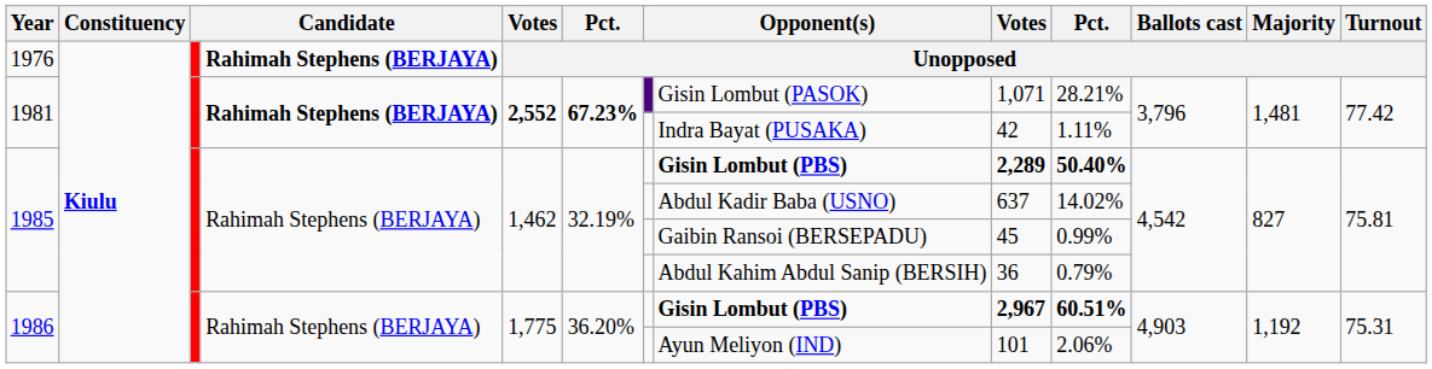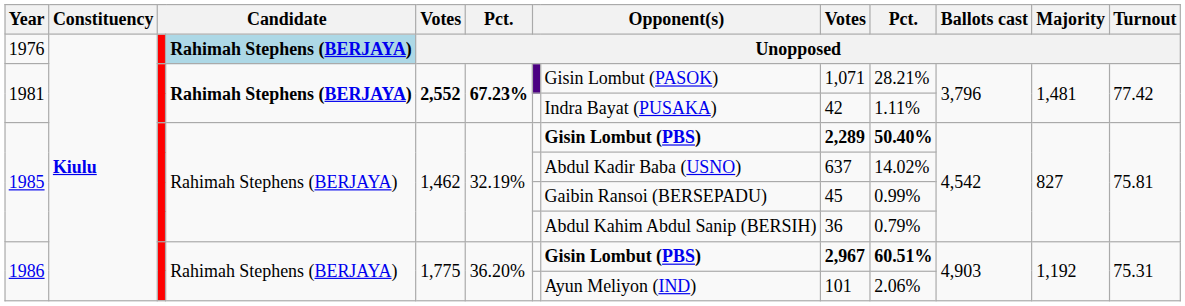 <table class="wikitable" style="margin:0.5em ; font-size:95%">
 <tr>
 <th>Year</th>
 <th>Constituency</th>
 <th colspan="2">Candidate</th>
 <th>Votes</th>
 <th>Pct.</th>
 <th colspan="2">Opponent(s)</th>
 <th>Votes</th>
 <th>Pct.</th>
 <th>Ballots cast</th>
 <th>Majority</th>
 <th>Turnout</th>
 </tr>
 <tr>
 <td>1976</td>
 <td rowspan="9"><a href='#'><strong>Kiulu</strong></a></td>
 <td bgcolor= red></td>
-<td><strong>Rahimah Stephens (<a href='#'>BERJAYA</a>)</strong></td>
+<td style="background: lightblue;"><strong>Rahimah Stephens (<a href='#'>BERJAYA</a>)</strong></td>
 <th colspan="9">Unopposed</th>
 </tr>
 <tr>
 <td rowspan="2">1981</td>
 <td rowspan="2" bgcolor= red></td>
 <td rowspan="2"><strong>Rahimah Stephens (<a href='#'>BERJAYA</a>)</strong></td>
 <td rowspan="2"><strong>2,552</strong></td>
 <td rowspan="2"><strong>67.23%</strong></td>
 <td bgcolor= indigo></td>
 <td>Gisin Lombut (<a href='#'>PASOK</a>)</td>
 <td>1,071</td>
 <td>28.21%</td>
 <td rowspan="2">3,796</td>
 <td rowspan="2">1,481</td>
 <td rowspan="2">77.42</td>
 </tr>
 <tr>
 <td></td>
 <td>Indra Bayat (<a href='#'>PUSAKA</a>)</td>
 <td>42</td>
 <td>1.11%</td>
 </tr>
 <tr>
 <td rowspan="4"><a href='#'>1985</a></td>
 <td rowspan="4" bgcolor= red></td>
 <td rowspan="4">Rahimah Stephens (<a href='#'>BERJAYA</a>)</td>
 <td rowspan="4">1,462</td>
 <td rowspan="4">32.19%</td>
 <td bgcolor= ></td>
 <td><strong>Gisin Lombut (<a href='#'>PBS</a>)</strong></td>
 <td><strong>2,289</strong></td>
 <td><strong>50.40%</strong></td>
 <td rowspan="4">4,542</td>
 <td rowspan="4">827</td>
 <td rowspan="4">75.81</td>
 </tr>
 <tr>
 <td bgcolor = ></td>
 <td>Abdul Kadir Baba (<a href='#'>USNO</a>)</td>
 <td>637</td>
 <td>14.02%</td>
 </tr>
 <tr>
 <td></td>
 <td>Gaibin Ransoi (BERSEPADU)</td>
 <td>45</td>
 <td>0.99%</td>
 </tr>
 <tr>
 <td></td>
 <td>Abdul Kahim Abdul Sanip (BERSIH)</td>
 <td>36</td>
 <td>0.79%</td>
 </tr>
 <tr>
 <td rowspan="2"><a href='#'>1986</a></td>
 <td rowspan="2" bgcolor= red></td>
 <td rowspan="2">Rahimah Stephens (<a href='#'>BERJAYA</a>)</td>
 <td rowspan="2">1,775</td>
 <td rowspan="2">36.20%</td>
 <td bgcolor= ></td>
 <td><strong>Gisin Lombut (<a href='#'>PBS</a>)</strong></td>
 <td><strong>2,967</strong></td>
 <td><strong>60.51%</strong></td>
 <td rowspan="2">4,903</td>
 <td rowspan="2">1,192</td>
 <td rowspan="2">75.31</td>
 </tr>
 <tr>
 <td></td>
 <td>Ayun Meliyon (<a href='#'>IND</a>)</td>
 <td>101</td>
 <td>2.06%</td>
 </tr>
 </table>
